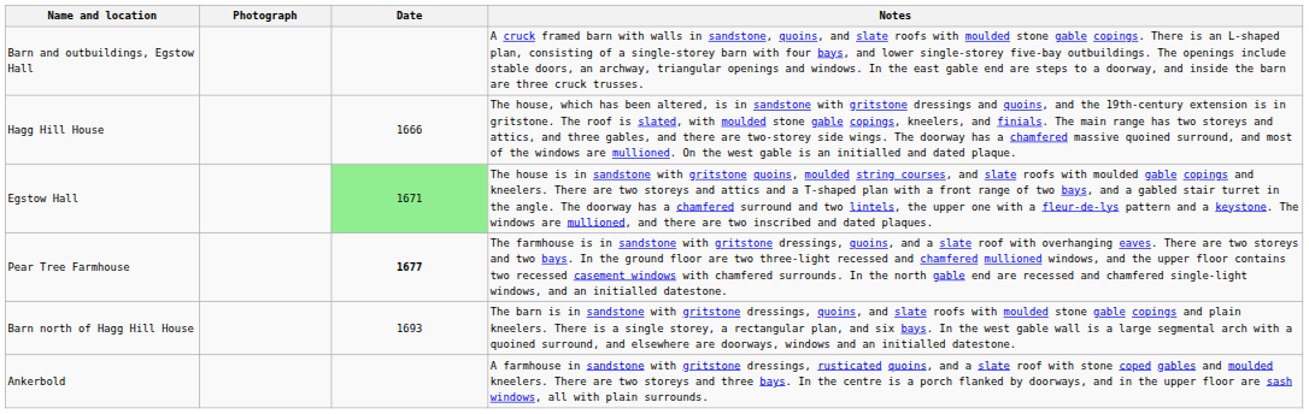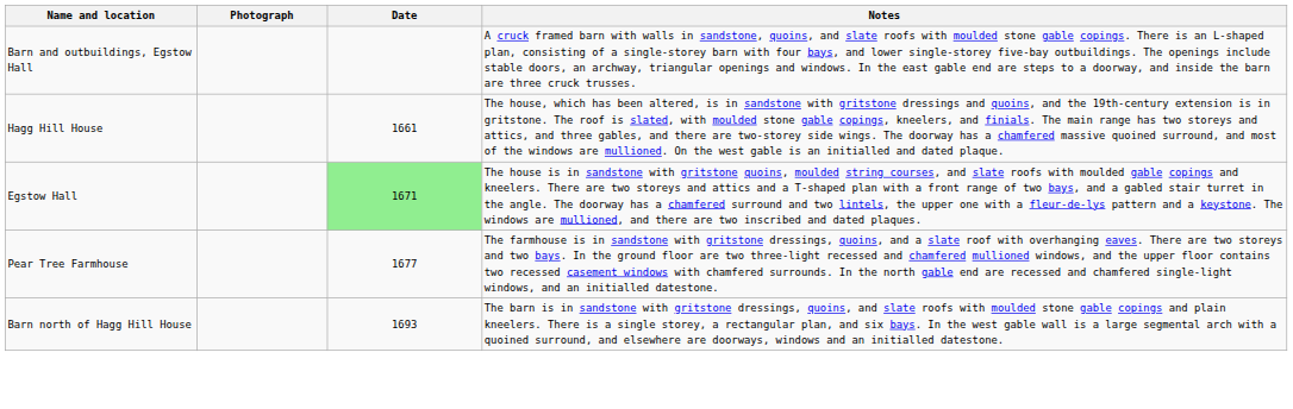 <table class="wikitable sortable plainrowheaders" style="width:100%;border:0px;text-align:left;line-height:150%;">
 <tr>
 <th scope="col"  style="width:150px">Name and location</th>
 <th scope="col"  style="width:100px" class="unsortable">Photograph</th>
 <th scope="col"  style="width:120px">Date</th>
 <th scope="col"  style="width:650px" class="unsortable">Notes</th>
 </tr>
 <tr>
 <td>Barn and outbuildings, Egstow Hall<br><small></small></td>
 <td></td>
 <td align="center"></td>
 <td>A <a href='#'>cruck</a> framed barn with walls in <a href='#'>sandstone</a>, <a href='#'>quoins</a>, and <a href='#'>slate</a> roofs with <a href='#'>moulded</a> stone <a href='#'>gable</a> <a href='#'>copings</a>.  There is an L-shaped plan, consisting of a single-storey barn with four <a href='#'>bays</a>, and lower single-storey five-bay outbuildings.  The openings include stable doors, an archway, triangular openings and windows.  In the east gable end are steps to a doorway, and inside the barn are three cruck trusses.</td>
 </tr>
 <tr>
 <td>Hagg Hill House<br><small></small></td>
 <td></td>
-<td align="center">1666</td>
+<td align="center">1661</td>
 <td>The house, which has been altered, is in <a href='#'>sandstone</a> with <a href='#'>gritstone</a> dressings and <a href='#'>quoins</a>, and the 19th-century extension is in gritstone.  The roof is <a href='#'>slated</a>, with <a href='#'>moulded</a> stone <a href='#'>gable</a> <a href='#'>copings</a>, kneelers, and <a href='#'>finials</a>.  The main range has two storeys and attics, and three gables, and there are two-storey side wings.  The doorway has a <a href='#'>chamfered</a> massive quoined surround, and most of the windows are <a href='#'>mullioned</a>.  On the west gable is an initialled and dated plaque.</td>
 </tr>
 <tr>
 <td>Egstow Hall<br><small></small></td>
 <td></td>
 <td align="center" style="background: lightgreen;">1671</td>
 <td>The house is in <a href='#'>sandstone</a> with <a href='#'>gritstone</a> <a href='#'>quoins</a>, <a href='#'>moulded</a> <a href='#'>string courses</a>, and <a href='#'>slate</a> roofs with moulded <a href='#'>gable</a> <a href='#'>copings</a> and kneelers.  There are two storeys and attics and a T-shaped plan with a front range of two <a href='#'>bays</a>, and a gabled stair turret in the angle.  The doorway has a <a href='#'>chamfered</a> surround and two <a href='#'>lintels</a>, the upper one with a <a href='#'>fleur-de-lys</a> pattern and a <a href='#'>keystone</a>.  The windows are <a href='#'>mullioned</a>, and there are two inscribed and dated plaques.</td>
 </tr>
 <tr>
 <td>Pear Tree Farmhouse<br><small></small></td>
 <td></td>
-<td align="center"><strong>1677</strong></td>
+<td align="center">1677</td>
 <td>The farmhouse is in <a href='#'>sandstone</a> with <a href='#'>gritstone</a> dressings, <a href='#'>quoins</a>, and a <a href='#'>slate</a> roof with overhanging <a href='#'>eaves</a>.  There are two storeys and two <a href='#'>bays</a>.  In the ground floor are two three-light recessed and <a href='#'>chamfered</a> <a href='#'>mullioned</a> windows, and the upper floor contains two recessed <a href='#'>casement windows</a> with chamfered surrounds.  In the north <a href='#'>gable</a> end are recessed and chamfered single-light windows, and an initialled datestone.</td>
 </tr>
 <tr>
 <td>Barn north of Hagg Hill House<br><small></small></td>
 <td></td>
 <td align="center">1693</td>
 <td>The barn is in <a href='#'>sandstone</a> with <a href='#'>gritstone</a> dressings, <a href='#'>quoins</a>, and <a href='#'>slate</a> roofs with <a href='#'>moulded</a> stone <a href='#'>gable</a> <a href='#'>copings</a> and plain kneelers.  There is a single storey, a rectangular plan, and six <a href='#'>bays</a>.  In the west gable wall is a large segmental arch with a quoined surround, and elsewhere are doorways, windows and an initialled datestone.</td>
 </tr>
 <tr>
-<td>Ankerbold<br><small></small></td>
-<td></td>
-<td align="center"></td>
-<td>A farmhouse in <a href='#'>sandstone</a> with <a href='#'>gritstone</a> dressings, <a href='#'>rusticated</a> <a href='#'>quoins</a>, and a <a href='#'>slate</a> roof with stone <a href='#'>coped</a> <a href='#'>gables</a> and <a href='#'>moulded</a> kneelers.  There are two storeys and three <a href='#'>bays</a>.  In the centre is a porch flanked by doorways, and in the upper floor are <a href='#'>sash windows</a>, all with plain surrounds.</td>
-</tr>
-<tr>
 </tr>
 </table>
